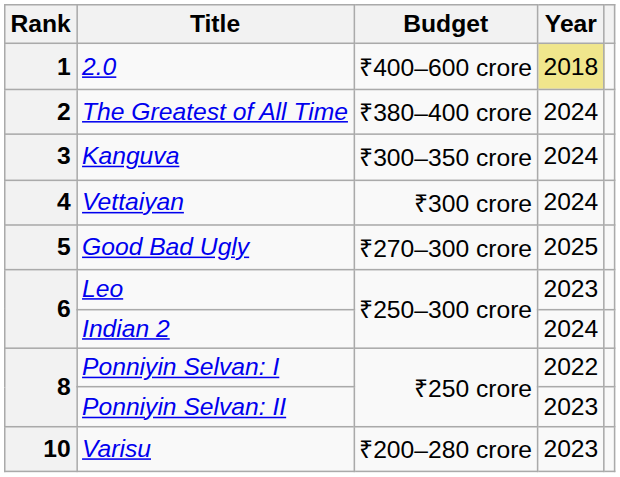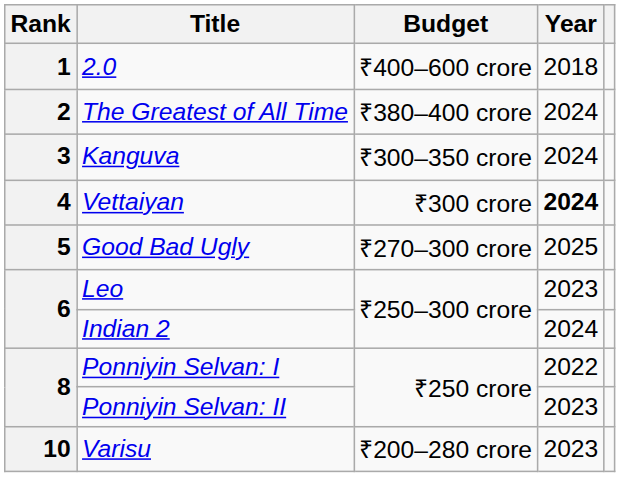 <table class="wikitable sortable plainrowheaders">
 <tr>
 <th scope="col">Rank</th>
 <th scope="col">Title</th>
 <th scope="col">Budget</th>
 <th scope="col">Year</th>
 <th scope="col" class="unsortable"></th>
 </tr>
 <tr>
 <th scope="row" style=text-align:right>1</th>
 <td><em><a href='#'>2.0</a></em></td>
 <td align="right">₹400–600 crore</td>
-<td align="center" style="background: khaki;">2018</td>
+<td align="center">2018</td>
 <td align="center"></td>
 </tr>
 <tr>
 <th scope="row" style=text-align:right>2</th>
 <td><em><a href='#'>The Greatest of All Time</a></em></td>
 <td align="right">₹380–400 crore</td>
 <td align="center">2024</td>
 <td align="center"></td>
 </tr>
 <tr>
 <th scope="row" style=text-align:right>3</th>
 <td><em><a href='#'>Kanguva</a></em></td>
 <td align="right">₹300–350 crore</td>
 <td align="center">2024</td>
 <td align="center"></td>
 </tr>
 <tr>
 <th scope="row" style="text-align:right">4</th>
 <td><em><a href='#'>Vettaiyan</a></em></td>
 <td align="right">₹300 crore</td>
-<td style="text-align:center;">2024</td>
+<td style="text-align:center;"><strong>2024</strong></td>
 <td align="center"></td>
 </tr>
 <tr>
 <th scope="row" style="text-align:right">5</th>
 <td><em><a href='#'>Good Bad Ugly</a></em></td>
 <td align="right">₹270–300 crore</td>
 <td align="center">2025</td>
 <td align="center"></td>
 </tr>
 <tr>
 <th rowspan="2" scope="row" style="text-align:right">6</th>
 <td><em><a href='#'>Leo</a></em></td>
 <td rowspan="2" align="right">₹250–300 crore</td>
 <td align="center">2023</td>
 <td align="center"></td>
 </tr>
 <tr>
 <td><em><a href='#'>Indian 2</a></em></td>
 <td align="center">2024</td>
 <td align="center"></td>
 </tr>
 <tr>
 <th rowspan="2" scope="row" style="text-align:right">8</th>
 <td><em><a href='#'>Ponniyin Selvan: I</a></em></td>
 <td rowspan="2" align="right">₹250 crore</td>
 <td align="center">2022</td>
 <td align="center"></td>
 </tr>
 <tr>
 <td><em><a href='#'>Ponniyin Selvan: II</a></em></td>
 <td align="center">2023</td>
 <td align="center"></td>
 </tr>
 <tr>
 <th scope="row" style="text-align: right;">10</th>
 <td><em><a href='#'>Varisu</a></em></td>
 <td align="right">₹200–280 crore</td>
 <td align="center">2023</td>
 <td align="center"></td>
 </tr>
 </table>
